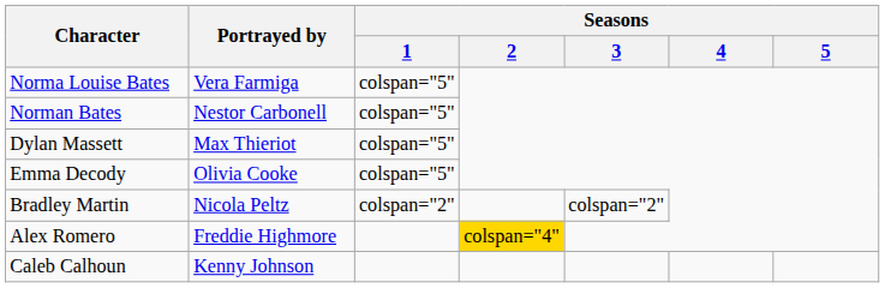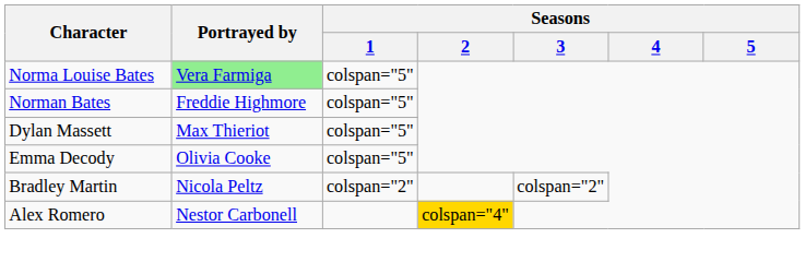 <table class="wikitable plainrowheaders">
 <tr>
 <th rowspan="2" scope="col">Character</th>
 <th rowspan="2" scope="col">Portrayed by</th>
 <th colspan="5">Seasons</th>
 </tr>
 <tr>
 <th scope="col" style="width:12%;"><a href='#'>1</a></th>
 <th scope="col" style="width:12%;"><a href='#'>2</a></th>
 <th scope="col" style="width:12%;"><a href='#'>3</a></th>
 <th scope="col" style="width:12%;"><a href='#'>4</a></th>
 <th scope="col" style="width:12%;"><a href='#'>5</a></th>
 </tr>
 <tr>
 <td><a href='#'>Norma Louise Bates</a></td>
-<td><a href='#'>Vera Farmiga</a></td>
+<td style="background: lightgreen;"><a href='#'>Vera Farmiga</a></td>
 <td>colspan="5" </td>
 </tr>
 <tr>
 <td><a href='#'>Norman Bates</a></td>
-<td><a href='#'>Nestor Carbonell</a></td>
+<td><a href='#'>Freddie Highmore</a></td>
 <td>colspan="5" </td>
 </tr>
 <tr>
 <td>Dylan Massett</td>
 <td><a href='#'>Max Thieriot</a></td>
 <td>colspan="5" </td>
 </tr>
 <tr>
 <td>Emma Decody</td>
 <td><a href='#'>Olivia Cooke</a></td>
 <td>colspan="5" </td>
 </tr>
 <tr>
 <td>Bradley Martin</td>
 <td><a href='#'>Nicola Peltz</a></td>
 <td>colspan="2" </td>
 <td></td>
 <td>colspan="2" </td>
 </tr>
 <tr>
 <td>Alex Romero</td>
-<td><a href='#'>Freddie Highmore</a></td>
+<td><a href='#'>Nestor Carbonell</a></td>
 <td></td>
 <td style="background: gold;">colspan="4" </td>
 </tr>
-<tr>
-<td>Caleb Calhoun</td>
-<td><a href='#'>Kenny Johnson</a></td>
-<td></td>
-<td></td>
-<td></td>
-<td></td>
-<td></td>
-</tr>
 </table>
